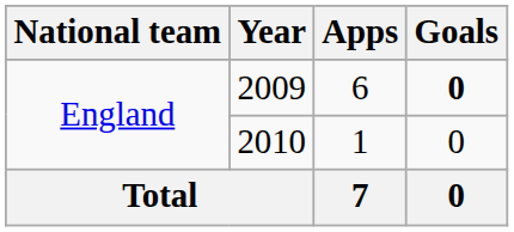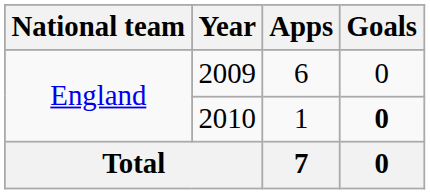 <table class="wikitable" style="text-align: center;">
 <tr>
 <th>National team</th>
 <th>Year</th>
 <th>Apps</th>
 <th>Goals</th>
 </tr>
 <tr>
 <td rowspan=2><a href='#'>England</a></td>
 <td>2009</td>
 <td>6</td>
-<td><strong>0</strong></td>
+<td>0</td>
 </tr>
 <tr>
 <td>2010</td>
 <td>1</td>
-<td>0</td>
+<td><strong>0</strong></td>
 </tr>
 <tr>
 <th colspan=2>Total</th>
 <th>7</th>
 <th>0</th>
 </tr>
 </table>
